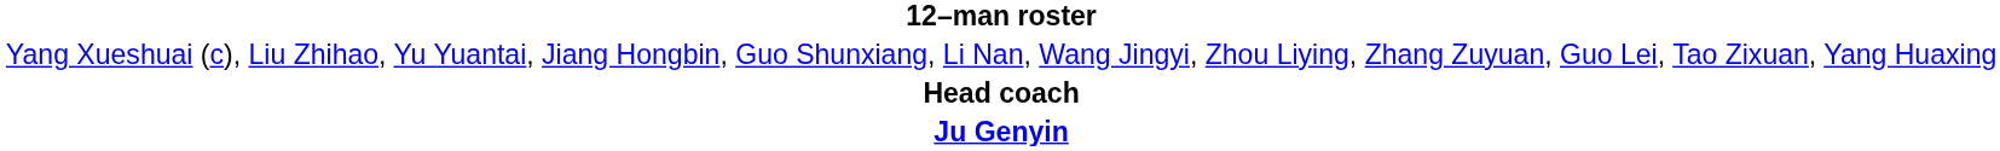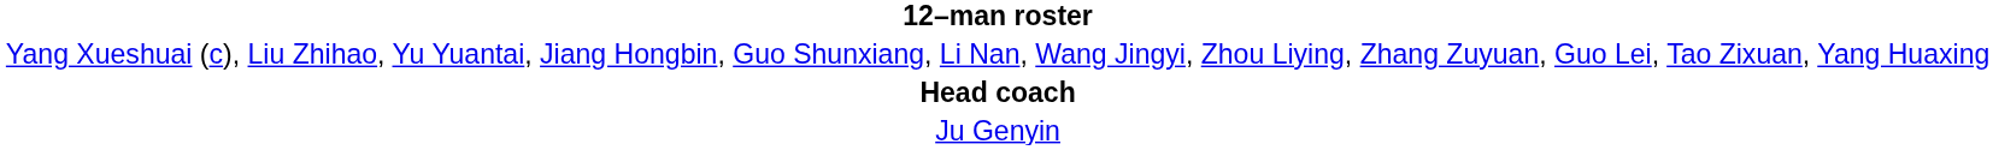 <table style="text-align:center; margin-top:2em; margin-left:auto; margin-right:auto">
 <tr>
 <td><strong>12–man roster</strong></td>
 </tr>
 <tr>
 <td><a href='#'>Yang Xueshuai</a> (<a href='#'>c</a>), <a href='#'>Liu Zhihao</a>, <a href='#'>Yu Yuantai</a>, <a href='#'>Jiang Hongbin</a>, <a href='#'>Guo Shunxiang</a>, <a href='#'>Li Nan</a>, <a href='#'>Wang Jingyi</a>, <a href='#'>Zhou Liying</a>, <a href='#'>Zhang Zuyuan</a>, <a href='#'>Guo Lei</a>, <a href='#'>Tao Zixuan</a>, <a href='#'>Yang Huaxing</a></td>
 </tr>
 <tr>
 <td><strong>Head coach</strong></td>
 </tr>
 <tr>
-<td><strong><a href='#'>Ju Genyin</a></strong></td>
+<td><a href='#'>Ju Genyin</a></td>
 </tr>
 </table>
